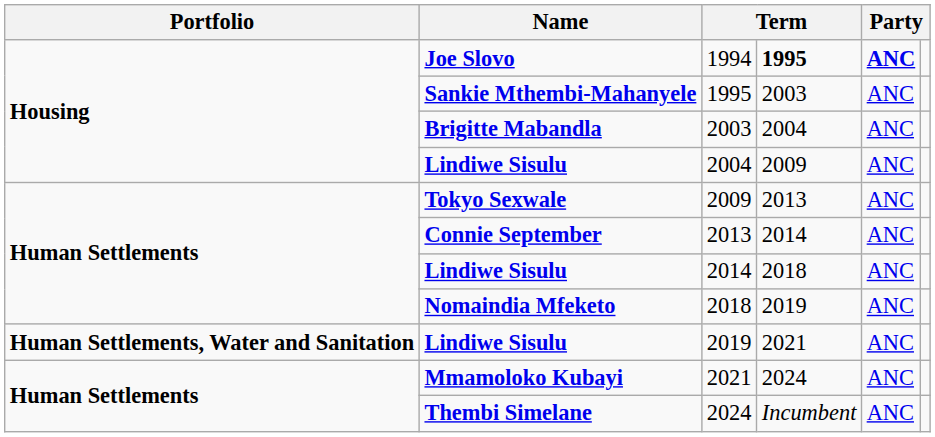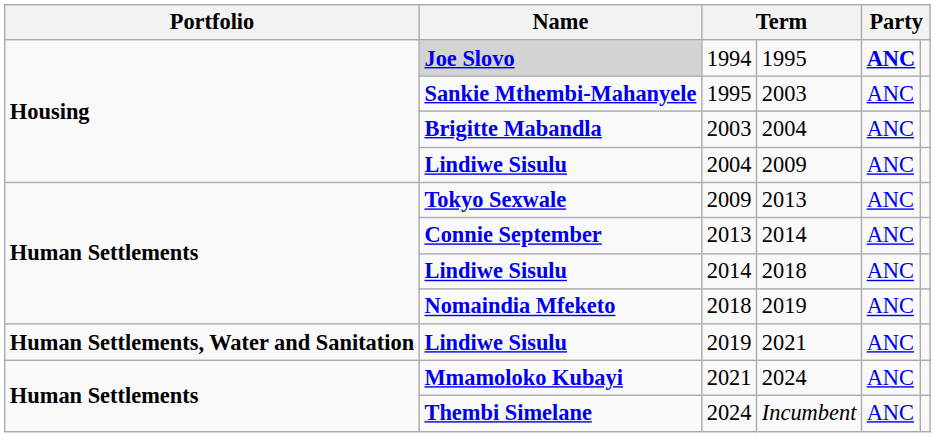 <table class="wikitable">
 <tr>
 <th>Portfolio</th>
 <th>Name</th>
 <th colspan="2">Term</th>
 <th colspan="2">Party</th>
 </tr>
 <tr>
 <td rowspan="4"><strong>Housing</strong></td>
-<td><strong><a href='#'>Joe Slovo</a></strong></td>
+<td style="background: lightgrey;"><strong><a href='#'>Joe Slovo</a></strong></td>
 <td>1994</td>
-<td><strong>1995</strong></td>
+<td>1995</td>
 <td><strong><a href='#'>ANC</a></strong></td>
 <td style="background-color: "></td>
 </tr>
 <tr>
 <td><strong><a href='#'>Sankie Mthembi-Mahanyele</a></strong></td>
 <td>1995</td>
 <td>2003</td>
 <td><a href='#'>ANC</a></td>
 <td style="background-color: "></td>
 </tr>
 <tr>
 <td><strong><a href='#'>Brigitte Mabandla</a></strong></td>
 <td>2003</td>
 <td>2004</td>
 <td><a href='#'>ANC</a></td>
 <td style="background-color: "></td>
 </tr>
 <tr>
 <td><strong><a href='#'>Lindiwe Sisulu</a></strong></td>
 <td>2004</td>
 <td>2009</td>
 <td><a href='#'>ANC</a></td>
 <td style="background-color: "></td>
 </tr>
 <tr>
 <td rowspan="4"><strong>Human Settlements</strong></td>
 <td><strong><a href='#'>Tokyo Sexwale</a></strong></td>
 <td>2009</td>
 <td>2013</td>
 <td><a href='#'>ANC</a></td>
 <td style="background-color: "></td>
 </tr>
 <tr>
 <td><strong><a href='#'>Connie September</a></strong></td>
 <td>2013</td>
 <td>2014</td>
 <td><a href='#'>ANC</a></td>
 <td style="background-color: "></td>
 </tr>
 <tr>
 <td><strong><a href='#'>Lindiwe Sisulu</a></strong></td>
 <td>2014</td>
 <td>2018</td>
 <td><a href='#'>ANC</a></td>
 <td style="background-color: "></td>
 </tr>
 <tr>
 <td><strong><a href='#'>Nomaindia Mfeketo</a></strong></td>
 <td>2018</td>
 <td>2019</td>
 <td><a href='#'>ANC</a></td>
 <td style="background-color: "></td>
 </tr>
 <tr>
 <td><strong>Human Settlements, Water and Sanitation</strong></td>
 <td><strong><a href='#'>Lindiwe Sisulu</a></strong></td>
 <td>2019</td>
 <td>2021</td>
 <td><a href='#'>ANC</a></td>
 <td style="background-color: "></td>
 </tr>
 <tr>
 <td rowspan="2"><strong>Human Settlements</strong></td>
 <td><strong><a href='#'>Mmamoloko Kubayi</a></strong></td>
 <td>2021</td>
 <td>2024</td>
 <td><a href='#'>ANC</a></td>
 <td style="background-color: "></td>
 </tr>
 <tr>
 <td><strong><a href='#'>Thembi Simelane</a></strong></td>
 <td>2024</td>
 <td><em>Incumbent</em></td>
 <td><a href='#'>ANC</a></td>
 <td style="background-color: "></td>
 </tr>
 </table>
